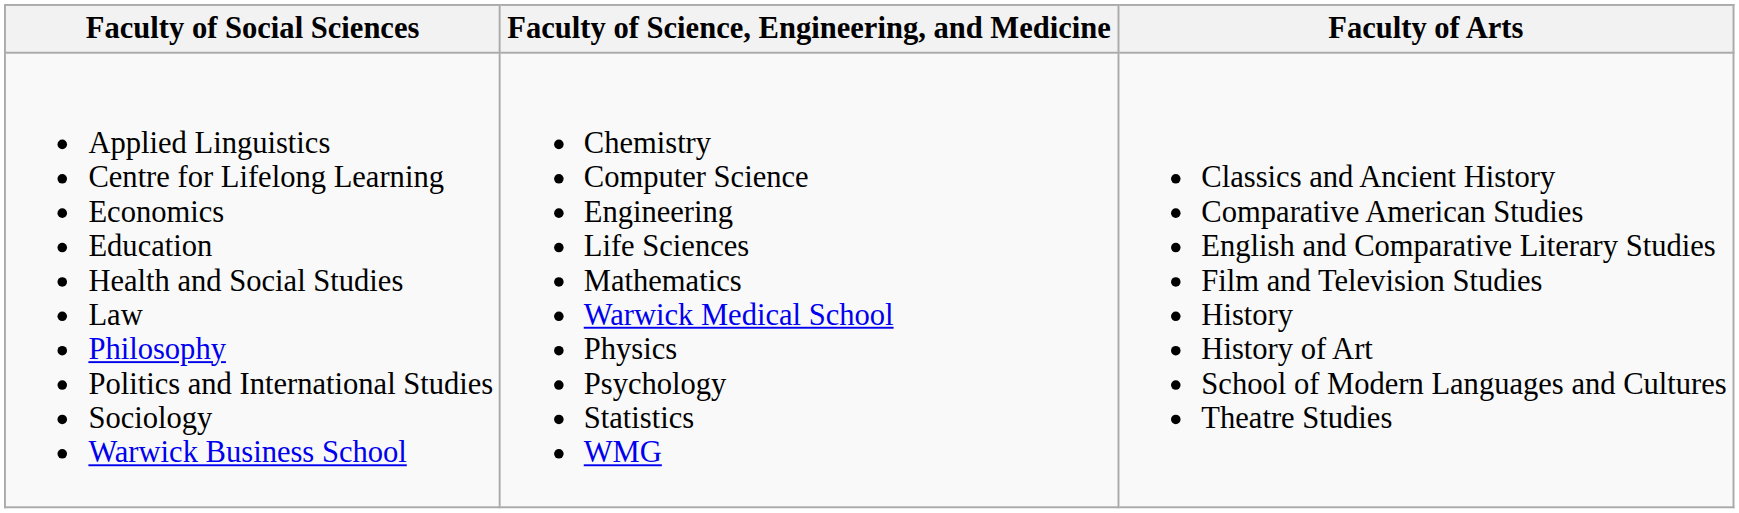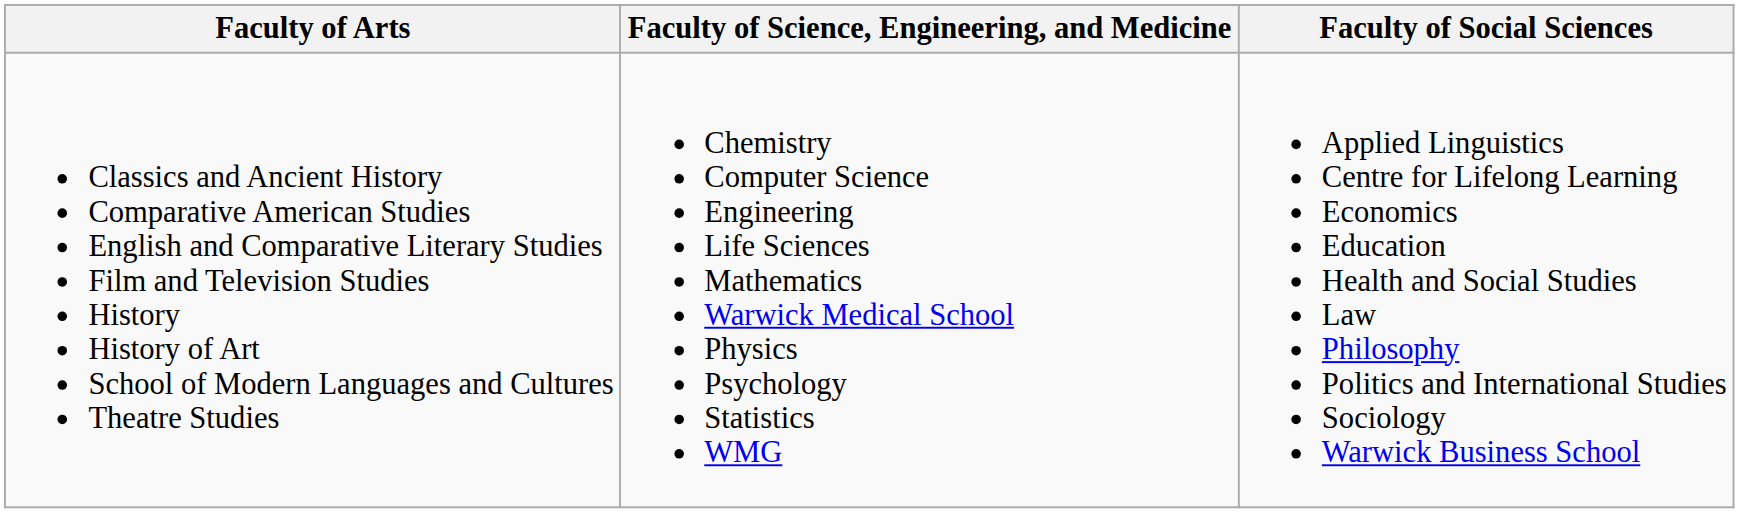 <table class=wikitable>
 <tr>
+<th>Faculty of Arts</th>
+<th>Faculty of Science, Engineering, and Medicine</th>
 <th>Faculty of Social Sciences</th>
-<th>Faculty of Science, Engineering, and Medicine</th>
-<th>Faculty of Arts</th>
 </tr>
 <tr>
+<td><br><ul><li>Classics and Ancient History</li><li>Comparative American Studies</li><li>English and Comparative Literary Studies</li><li>Film and Television Studies</li><li>History</li><li>History of Art</li><li>School of Modern Languages and Cultures</li><li>Theatre Studies</li></ul></td>
+<td><br><ul><li>Chemistry</li><li>Computer Science</li><li>Engineering</li><li>Life Sciences</li><li>Mathematics</li><li><a href='#'>Warwick Medical School</a></li><li>Physics</li><li>Psychology</li><li>Statistics</li><li><a href='#'>WMG</a></li></ul></td>
 <td><br><ul><li>Applied Linguistics</li><li>Centre for Lifelong Learning</li><li>Economics</li><li>Education</li><li>Health and Social Studies</li><li>Law</li><li><a href='#'>Philosophy</a></li><li>Politics and International Studies</li><li>Sociology</li><li><a href='#'>Warwick Business School</a></li></ul></td>
-<td><br><ul><li>Chemistry</li><li>Computer Science</li><li>Engineering</li><li>Life Sciences</li><li>Mathematics</li><li><a href='#'>Warwick Medical School</a></li><li>Physics</li><li>Psychology</li><li>Statistics</li><li><a href='#'>WMG</a></li></ul></td>
-<td><br><ul><li>Classics and Ancient History</li><li>Comparative American Studies</li><li>English and Comparative Literary Studies</li><li>Film and Television Studies</li><li>History</li><li>History of Art</li><li>School of Modern Languages and Cultures</li><li>Theatre Studies</li></ul></td>
 </tr>
 </table>
